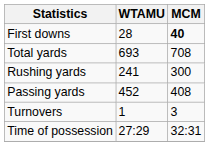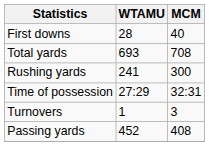 <table class="wikitable">
 <tr>
 <th>Statistics</th>
 <th>WTAMU</th>
 <th>MCM</th>
 </tr>
 <tr>
 <td>First downs</td>
 <td>28</td>
-<td><strong>40</strong></td>
+<td>40</td>
 </tr>
 <tr>
 <td>Total yards</td>
 <td>693</td>
 <td>708</td>
 </tr>
 <tr>
 <td>Rushing yards</td>
 <td>241</td>
 <td>300</td>
 </tr>
 <tr>
-<td>Passing yards</td>
-<td>452</td>
-<td>408</td>
+<td>Time of possession</td>
+<td>27:29</td>
+<td>32:31</td>
 </tr>
 <tr>
 <td>Turnovers</td>
 <td>1</td>
 <td>3</td>
 </tr>
 <tr>
-<td>Time of possession</td>
-<td>27:29</td>
-<td>32:31</td>
+<td>Passing yards</td>
+<td>452</td>
+<td>408</td>
 </tr>
 <tr>
 </tr>
 </table>
